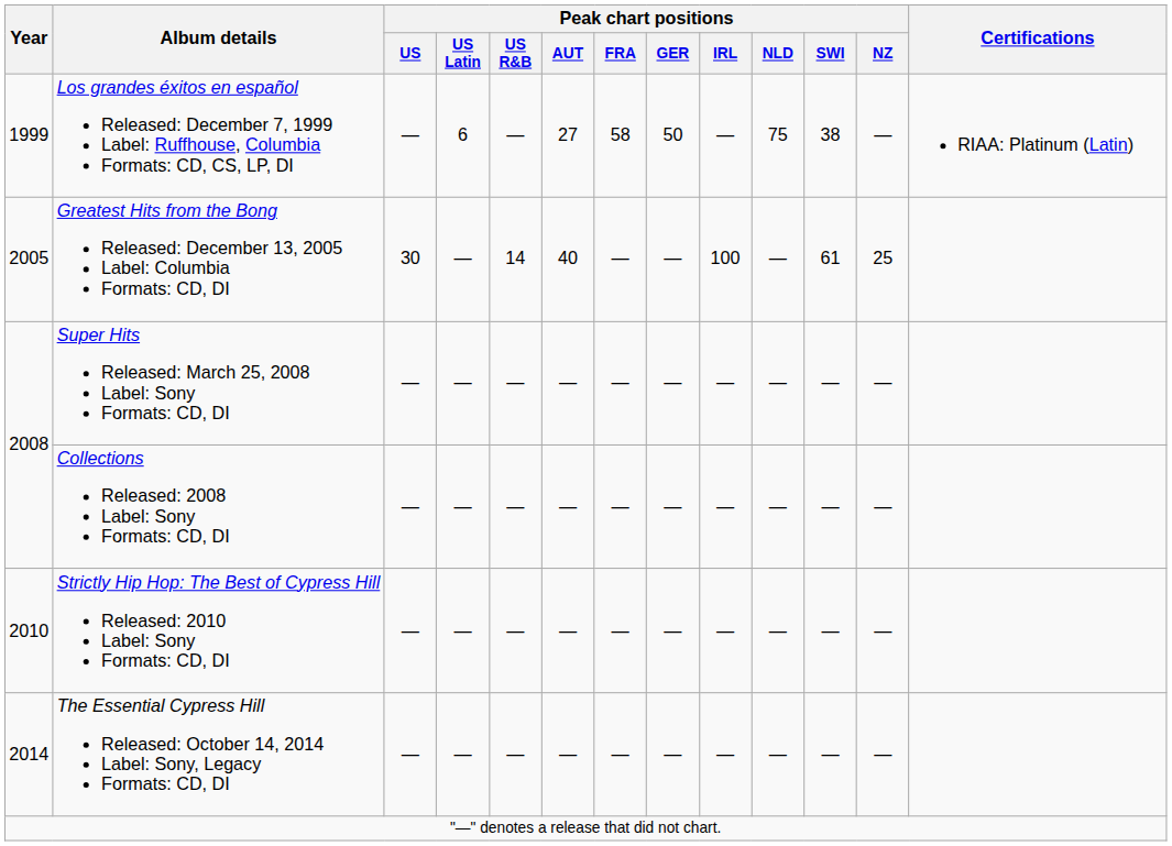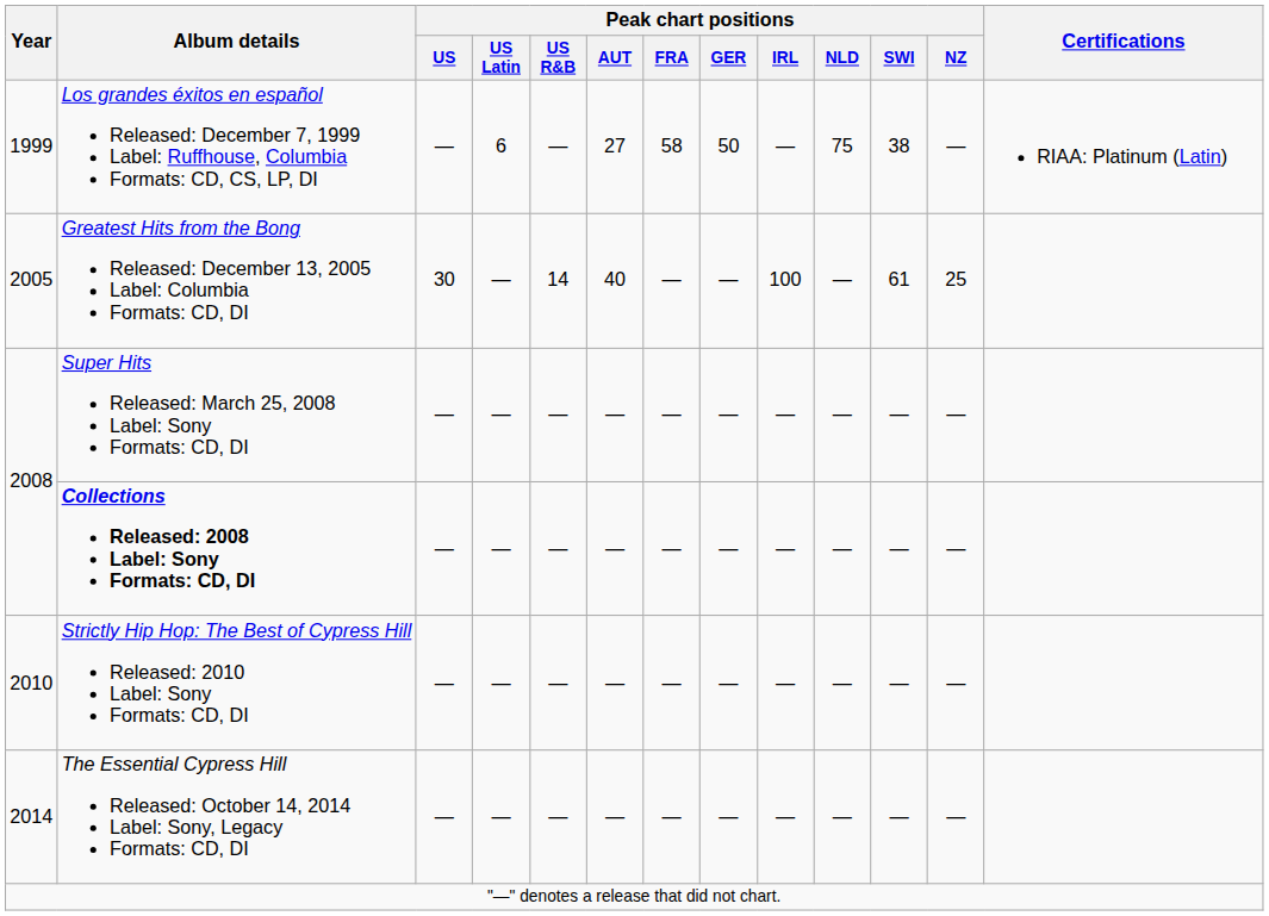 <table class="wikitable" border="1">
 <tr>
 <th rowspan="2">Year</th>
 <th rowspan="2">Album details</th>
 <th colspan="10">Peak chart positions</th>
 <th scope="col" rowspan="2" style="width:14em;"><a href='#'>Certifications</a></th>
 </tr>
 <tr>
 <th style="width:3em;font-size:85%;"><a href='#'>US</a><br></th>
 <th style="width:3em;font-size:85%;"><a href='#'>US<br>Latin</a><br></th>
 <th style="width:3em;font-size:85%;"><a href='#'>US<br>R&B</a><br></th>
 <th style="width:3em;font-size:85%;"><a href='#'>AUT</a><br></th>
 <th style="width:3em;font-size:85%;"><a href='#'>FRA</a><br></th>
 <th style="width:3em;font-size:85%;"><a href='#'>GER</a><br></th>
 <th style="width:3em;font-size:85%;"><a href='#'>IRL</a><br></th>
 <th style="width:3em;font-size:85%;"><a href='#'>NLD</a><br></th>
 <th style="width:3em;font-size:85%;"><a href='#'>SWI</a><br></th>
 <th style="width:3em;font-size:85%;"><a href='#'>NZ</a><br></th>
 </tr>
 <tr>
 <td align="center">1999</td>
 <td align="left"><em><a href='#'>Los grandes éxitos en español</a></em><br><ul><li>Released: December 7, 1999</li><li>Label: <a href='#'>Ruffhouse</a>, <a href='#'>Columbia</a></li><li>Formats: CD, CS, LP, DI</li></ul></td>
 <td align="center">—</td>
 <td align="center">6</td>
 <td align="center">—</td>
 <td align="center">27</td>
 <td align="center">58</td>
 <td align="center">50</td>
 <td align="center">—</td>
 <td align="center">75</td>
 <td align="center">38</td>
 <td align="center">—</td>
 <td><br><ul><li>RIAA: Platinum (<a href='#'>Latin</a>)</li></ul></td>
 </tr>
 <tr>
 <td align="center">2005</td>
 <td align="left"><em><a href='#'>Greatest Hits from the Bong</a></em><br><ul><li>Released: December 13, 2005</li><li>Label: Columbia</li><li>Formats: CD, DI</li></ul></td>
 <td align="center">30</td>
 <td align="center">—</td>
 <td align="center">14</td>
 <td align="center">40</td>
 <td align="center">—</td>
 <td align="center">—</td>
 <td align="center">100</td>
 <td align="center">—</td>
 <td align="center">61</td>
 <td align="center">25</td>
 <td></td>
 </tr>
 <tr>
 <td align="center" rowspan="2">2008</td>
 <td align="left"><em><a href='#'>Super Hits</a></em><br><ul><li>Released: March 25, 2008</li><li>Label: Sony</li><li>Formats: CD, DI</li></ul></td>
 <td align="center">—</td>
 <td align="center">—</td>
 <td align="center">—</td>
 <td align="center">—</td>
 <td align="center">—</td>
 <td align="center">—</td>
 <td align="center">—</td>
 <td align="center">—</td>
 <td align="center">—</td>
 <td align="center">—</td>
 <td></td>
 </tr>
 <tr>
-<td align="left"><em><a href='#'>Collections</a></em><br><ul><li>Released: 2008</li><li>Label: Sony</li><li>Formats: CD, DI</li></ul></td>
+<td align="left"><strong><em><a href='#'>Collections</a></em><br><ul><li>Released: 2008</li><li>Label: Sony</li><li>Formats: CD, DI</li></ul></strong></td>
 <td align="center">—</td>
 <td align="center">—</td>
 <td align="center">—</td>
 <td align="center">—</td>
 <td align="center">—</td>
 <td align="center">—</td>
 <td align="center">—</td>
 <td align="center">—</td>
 <td align="center">—</td>
 <td align="center">—</td>
 <td></td>
 </tr>
 <tr>
 <td align="center">2010</td>
 <td align="left"><em><a href='#'>Strictly Hip Hop: The Best of Cypress Hill</a></em><br><ul><li>Released: 2010</li><li>Label: Sony</li><li>Formats: CD, DI</li></ul></td>
 <td align="center">—</td>
 <td align="center">—</td>
 <td align="center">—</td>
 <td align="center">—</td>
 <td align="center">—</td>
 <td align="center">—</td>
 <td align="center">—</td>
 <td align="center">—</td>
 <td align="center">—</td>
 <td align="center">—</td>
 <td></td>
 </tr>
 <tr>
 <td align="center">2014</td>
 <td align="left"><em>The Essential Cypress Hill</em><br><ul><li>Released: October 14, 2014</li><li>Label: Sony, Legacy</li><li>Formats: CD, DI</li></ul></td>
 <td align="center">—</td>
 <td align="center">—</td>
 <td align="center">—</td>
 <td align="center">—</td>
 <td align="center">—</td>
 <td align="center">—</td>
 <td align="center">—</td>
 <td align="center">—</td>
 <td align="center">—</td>
 <td align="center">—</td>
 <td></td>
 </tr>
 <tr>
 <td align="center" colspan="14" style="font-size:85%">"—" denotes a release that did not chart.</td>
 </tr>
 </table>
